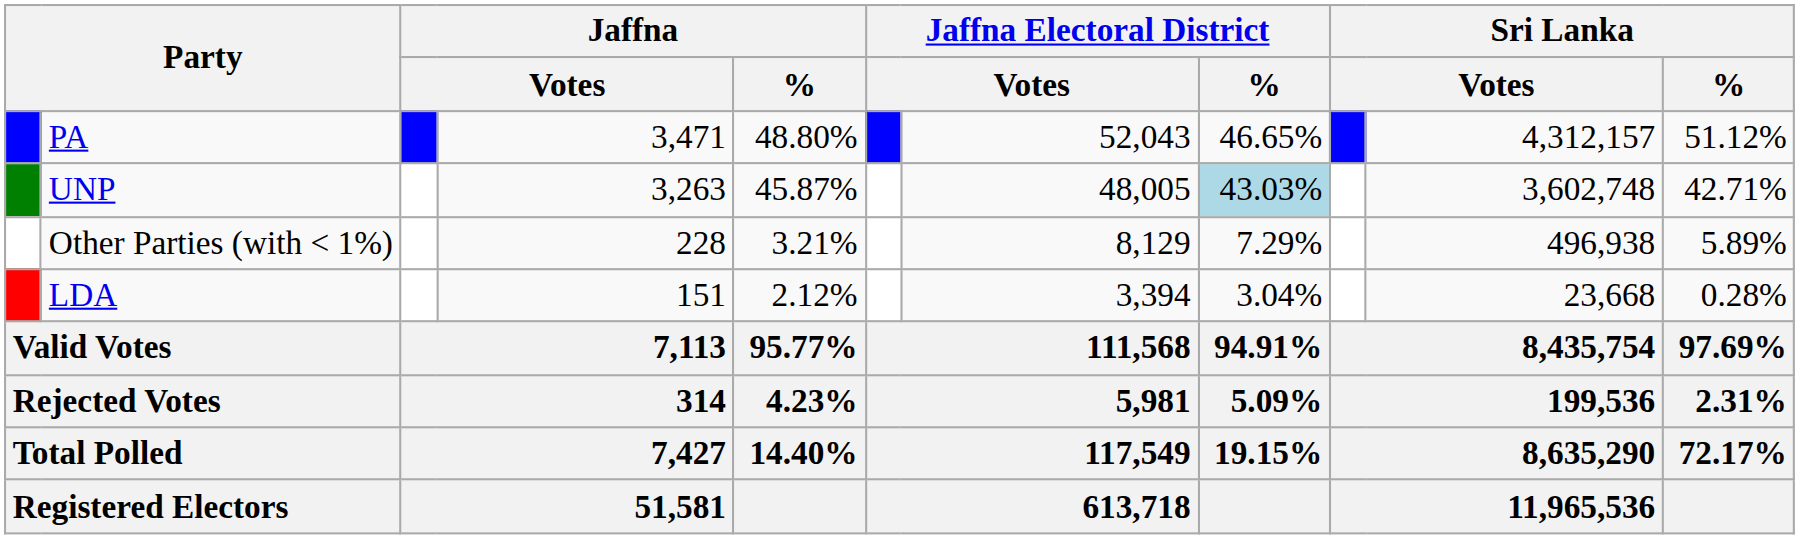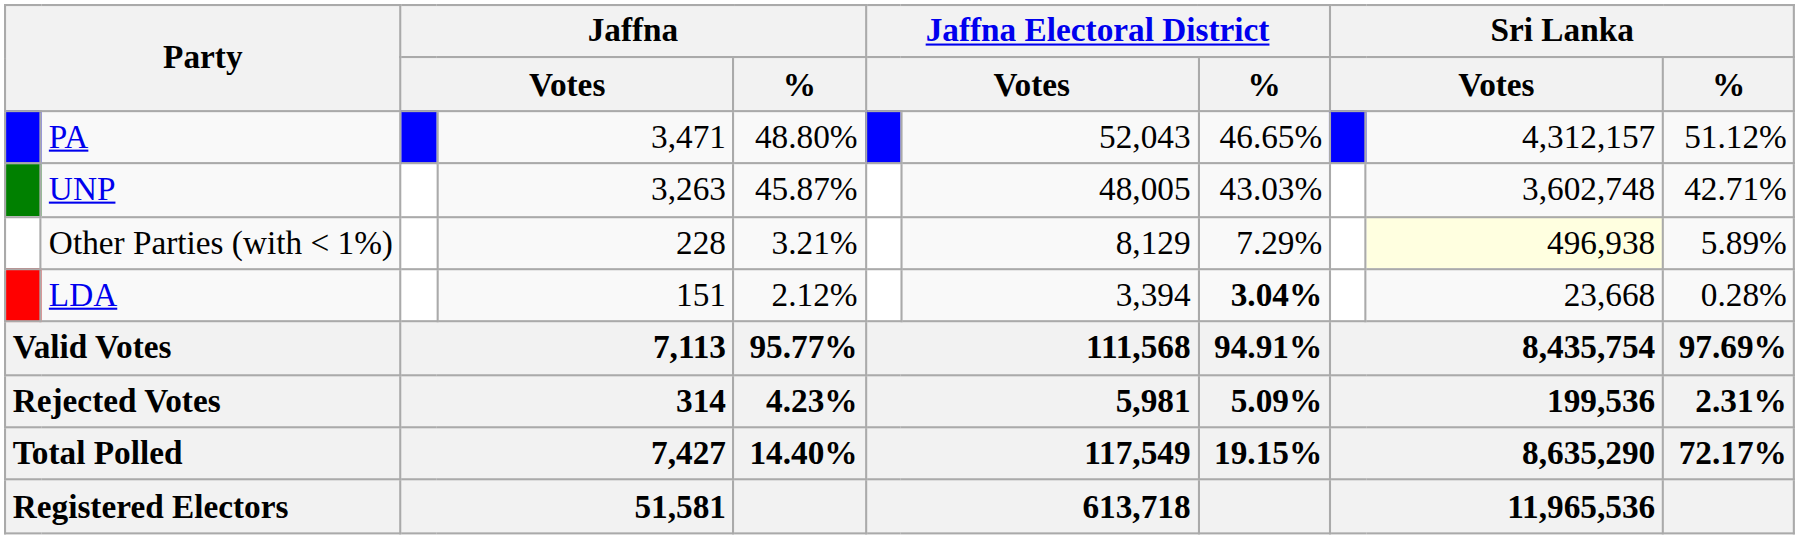 <table class="wikitable">
 <tr>
 <th colspan="2" width="144px"rowspan="2">Party</th>
 <th colspan="3" width="216px">Jaffna</th>
 <th colspan="3" width="216px"><a href='#'>Jaffna Electoral District</a></th>
 <th colspan="3" width="216px">Sri Lanka</th>
 </tr>
 <tr>
 <th colspan="2" width="144px">Votes</th>
 <th>%</th>
 <th colspan="2" width="144px">Votes</th>
 <th>%</th>
 <th colspan="2" width="144px">Votes</th>
 <th>%</th>
 </tr>
 <tr>
 <td style="background-color:blue;" width="10px"></td>
 <td style="text-align:left;"><a href='#'>PA</a></td>
 <td style="background-color:blue;" width="10px"></td>
 <td style="text-align:right;">3,471</td>
 <td style="text-align:right;">48.80%</td>
 <td style="background-color:blue;" width="10px"></td>
 <td style="text-align:right;">52,043</td>
 <td style="text-align:right;">46.65%</td>
 <td style="background-color:blue;" width="10px"></td>
 <td style="text-align:right;">4,312,157</td>
 <td style="text-align:right;">51.12%</td>
 </tr>
 <tr>
 <td style="background-color:green;" width="10px"></td>
 <td style="text-align:left;"><a href='#'>UNP</a></td>
 <td style="background-color:white;" width="10px"></td>
 <td style="text-align:right;">3,263</td>
 <td style="text-align:right;">45.87%</td>
 <td style="background-color:white;" width="10px"></td>
 <td style="text-align:right;">48,005</td>
-<td style="background: lightblue; text-align:right;">43.03%</td>
+<td style="text-align:right;">43.03%</td>
 <td style="background-color:white;" width="10px"></td>
 <td style="text-align:right;">3,602,748</td>
 <td style="text-align:right;">42.71%</td>
 </tr>
 <tr>
 <td style="background-color:white;" width="10px"></td>
 <td style="text-align:left;">Other Parties (with < 1%)</td>
 <td style="background-color:white;" width="10px"></td>
 <td style="text-align:right;">228</td>
 <td style="text-align:right;">3.21%</td>
 <td style="background-color:white;" width="10px"></td>
 <td style="text-align:right;">8,129</td>
 <td style="text-align:right;">7.29%</td>
 <td style="background-color:white;" width="10px"></td>
-<td style="text-align:right;">496,938</td>
+<td style="background: lightyellow; text-align:right;">496,938</td>
 <td style="text-align:right;">5.89%</td>
 </tr>
 <tr>
 <td style="background-color:red;" width="10px"></td>
 <td style="text-align:left;"><a href='#'>LDA</a></td>
 <td style="background-color:white;" width="10px"></td>
 <td style="text-align:right;">151</td>
 <td style="text-align:right;">2.12%</td>
 <td style="background-color:white;" width="10px"></td>
 <td style="text-align:right;">3,394</td>
-<td style="text-align:right;">3.04%</td>
+<td style="text-align:right;"><strong>3.04%</strong></td>
 <td style="background-color:white;" width="10px"></td>
 <td style="text-align:right;">23,668</td>
 <td style="text-align:right;">0.28%</td>
 </tr>
 <tr>
 <th colspan="2" width="144px"style="text-align:left;">Valid Votes</th>
 <th style="text-align:right;"colspan="2" width="144px">7,113</th>
 <th style="text-align:right;">95.77%</th>
 <th style="text-align:right;"colspan="2" width="144px">111,568</th>
 <th style="text-align:right;">94.91%</th>
 <th style="text-align:right;"colspan="2" width="144px">8,435,754</th>
 <th style="text-align:right;">97.69%</th>
 </tr>
 <tr>
 <th colspan="2" width="144px"style="text-align:left;">Rejected Votes</th>
 <th style="text-align:right;"colspan="2" width="144px">314</th>
 <th style="text-align:right;">4.23%</th>
 <th style="text-align:right;"colspan="2" width="144px">5,981</th>
 <th style="text-align:right;">5.09%</th>
 <th style="text-align:right;"colspan="2" width="144px">199,536</th>
 <th style="text-align:right;">2.31%</th>
 </tr>
 <tr>
 <th colspan="2" width="144px"style="text-align:left;">Total Polled</th>
 <th style="text-align:right;"colspan="2" width="144px">7,427</th>
 <th style="text-align:right;">14.40%</th>
 <th style="text-align:right;"colspan="2" width="144px">117,549</th>
 <th style="text-align:right;">19.15%</th>
 <th style="text-align:right;"colspan="2" width="144px">8,635,290</th>
 <th style="text-align:right;">72.17%</th>
 </tr>
 <tr>
 <th colspan="2" width="144px"style="text-align:left;">Registered Electors</th>
 <th style="text-align:right;"colspan="2" width="144px">51,581</th>
 <th></th>
 <th style="text-align:right;"colspan="2" width="144px">613,718</th>
 <th></th>
 <th style="text-align:right;"colspan="2" width="144px">11,965,536</th>
 <th></th>
 </tr>
 </table>
